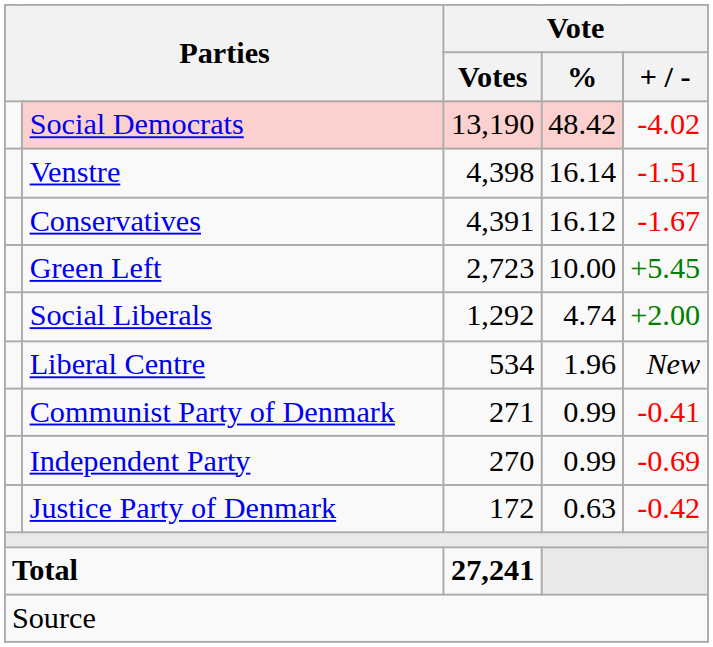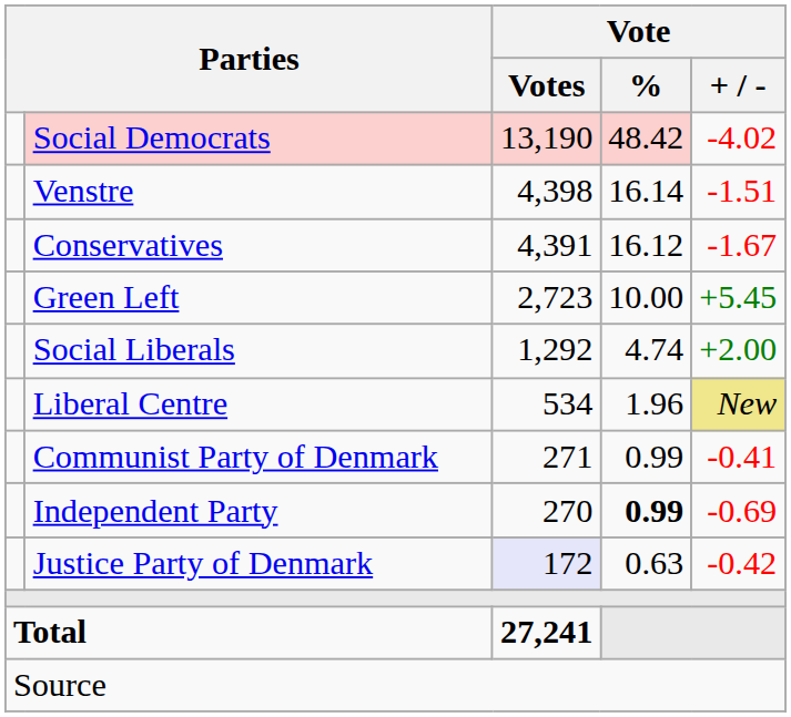 <table class="wikitable" style="text-align:right;">
 <tr>
 <th style="text-align:centre;" rowspan="2" colspan="2" width="225">Parties</th>
 <th colspan="3">Vote</th>
 </tr>
 <tr>
 <th width="15">Votes</th>
 <th width="15">%</th>
 <th width="15">+ / -</th>
 </tr>
 <tr>
 <td width="2" style="color:inherit;background:"></td>
 <td bgcolor=#fbd0ce  align="left"><a href='#'>Social Democrats</a></td>
 <td bgcolor=#fbd0ce>13,190</td>
 <td bgcolor=#fbd0ce>48.42</td>
 <td style=color:red;>-4.02</td>
 </tr>
 <tr>
 <td width="2" style="color:inherit;background:"></td>
 <td align="left"><a href='#'>Venstre</a></td>
 <td>4,398</td>
 <td>16.14</td>
 <td style=color:red;>-1.51</td>
 </tr>
 <tr>
 <td width="2" style="color:inherit;background:"></td>
 <td align="left"><a href='#'>Conservatives</a></td>
 <td>4,391</td>
 <td>16.12</td>
 <td style=color:red;>-1.67</td>
 </tr>
 <tr>
 <td width="2" style="color:inherit;background:"></td>
 <td align="left"><a href='#'>Green Left</a></td>
 <td>2,723</td>
 <td>10.00</td>
 <td style=color:green;>+5.45</td>
 </tr>
 <tr>
 <td width="2" style="color:inherit;background:"></td>
 <td align="left"><a href='#'>Social Liberals</a></td>
 <td>1,292</td>
 <td>4.74</td>
 <td style=color:green;>+2.00</td>
 </tr>
 <tr>
 <td width="2" style="color:inherit;background:"></td>
 <td align="left"><a href='#'>Liberal Centre</a></td>
 <td>534</td>
 <td>1.96</td>
-<td><em>New</em></td>
+<td style="background: khaki;"><em>New</em></td>
 </tr>
 <tr>
 <td width="2" style="color:inherit;background:"></td>
 <td align="left"><a href='#'>Communist Party of Denmark</a></td>
 <td>271</td>
 <td>0.99</td>
 <td style=color:red;>-0.41</td>
 </tr>
 <tr>
 <td width="2" style="color:inherit;background:"></td>
 <td align="left"><a href='#'>Independent Party</a></td>
 <td>270</td>
-<td>0.99</td>
+<td><strong>0.99</strong></td>
 <td style=color:red;>-0.69</td>
 </tr>
 <tr>
 <td width="2" style="color:inherit;background:"></td>
 <td align="left"><a href='#'>Justice Party of Denmark</a></td>
-<td>172</td>
+<td style="background: lavender;">172</td>
 <td>0.63</td>
 <td style=color:red;>-0.42</td>
 </tr>
 <tr>
 <td colspan="7" bgcolor="#E9E9E9"></td>
 </tr>
 <tr>
 <td align="left" colspan="2"><strong>Total</strong></td>
 <td><strong>27,241</strong></td>
 <td bgcolor="#E9E9E9" colspan="2"></td>
 </tr>
 <tr>
 <td align="left" colspan="6">Source</td>
 </tr>
 </table>
